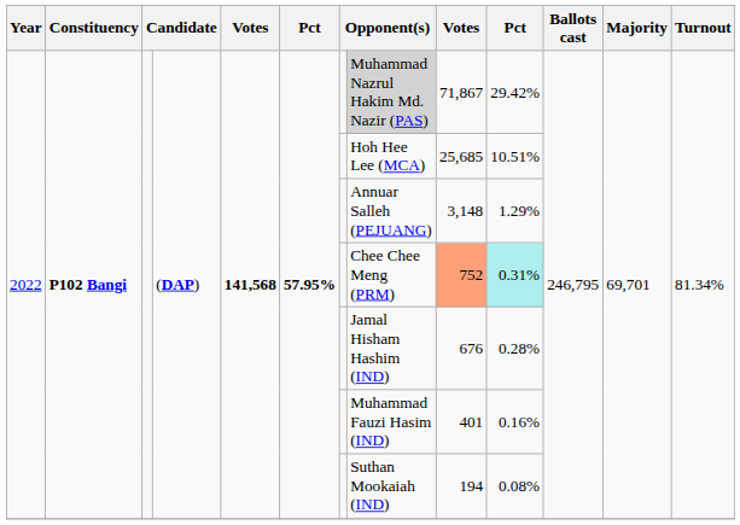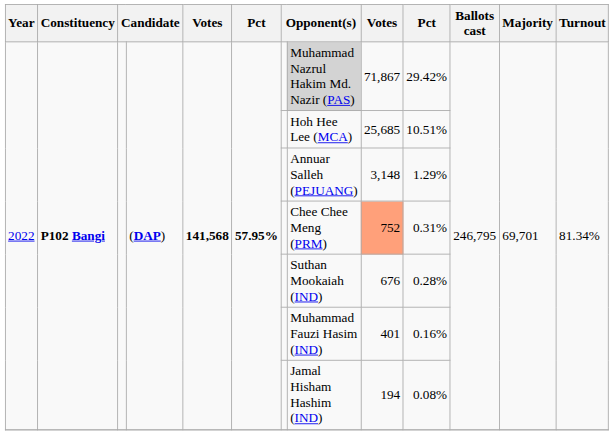 <table class="wikitable" style="margin:0.5em ; font-size:95%">
 <tr>
 <th>Year</th>
 <th>Constituency</th>
 <th colspan=2>Candidate</th>
 <th>Votes</th>
 <th>Pct</th>
 <th colspan=2>Opponent(s)</th>
 <th>Votes</th>
 <th>Pct</th>
 <th>Ballots cast</th>
 <th>Majority</th>
 <th>Turnout</th>
 </tr>
 <tr>
 <td rowspan=7><a href='#'>2022</a></td>
 <td rowspan=7><strong>P102 <a href='#'>Bangi</a></strong></td>
 <td rowspan=7 ></td>
 <td rowspan=7> (<a href='#'><strong>DAP</strong></a>)</td>
 <td rowspan=7 align=right><strong>141,568</strong></td>
 <td rowspan=7 align=right><strong>57.95%</strong></td>
 <td bgcolor=></td>
 <td style="background: lightgrey;">Muhammad Nazrul Hakim Md. Nazir (<a href='#'>PAS</a>)</td>
 <td align="right">71,867</td>
 <td align="right">29.42%</td>
 <td rowspan=7>246,795</td>
 <td rowspan=7>69,701</td>
 <td rowspan=7>81.34%</td>
 </tr>
 <tr>
 <td></td>
 <td>Hoh Hee Lee (<a href='#'>MCA</a>)</td>
 <td align="right">25,685</td>
 <td align="right">10.51%</td>
 </tr>
 <tr>
 <td bgcolor=></td>
 <td>Annuar Salleh (<a href='#'>PEJUANG</a>)</td>
 <td align="right">3,148</td>
 <td align="right">1.29%</td>
 </tr>
 <tr>
 <td bgcolor=></td>
 <td>Chee Chee Meng (<a href='#'>PRM</a>)</td>
 <td align="right" style="background: lightsalmon;">752</td>
-<td align="right" style="background: paleturquoise;">0.31%</td>
+<td align="right">0.31%</td>
 </tr>
 <tr>
 <td></td>
-<td>Jamal Hisham Hashim (<a href='#'>IND</a>)</td>
+<td>Suthan Mookaiah (<a href='#'>IND</a>)</td>
 <td align="right">676</td>
 <td align="right">0.28%</td>
 </tr>
 <tr>
 <td></td>
 <td>Muhammad Fauzi Hasim (<a href='#'>IND</a>)</td>
 <td align="right">401</td>
 <td align="right">0.16%</td>
 </tr>
 <tr>
 <td></td>
-<td>Suthan Mookaiah (<a href='#'>IND</a>)</td>
+<td>Jamal Hisham Hashim (<a href='#'>IND</a>)</td>
 <td align="right">194</td>
 <td align="right">0.08%</td>
 </tr>
 <tr>
 </tr>
 </table>
